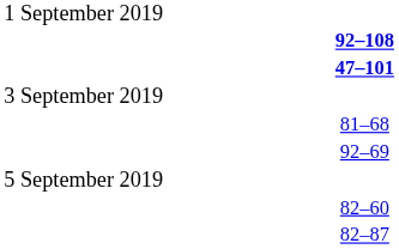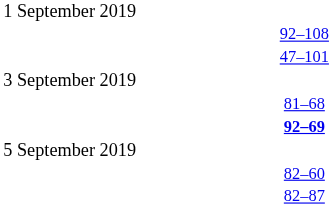 <table style="width:100%;" cellspacing="1">
 <tr>
 <th width=25%></th>
 <th width=2%></th>
 <th width=6%></th>
 <th width=2%></th>
 <th width=25%></th>
 </tr>
 <tr>
 <td>1 September 2019</td>
 </tr>
 <tr style=font-size:90%>
 <td align=right></td>
 <td></td>
-<td align=center><strong><a href='#'>92–108</a></strong></td>
+<td align=center><a href='#'>92–108</a></td>
 <td></td>
 <td></td>
 <td></td>
 </tr>
 <tr style=font-size:90%>
 <td align=right></td>
 <td></td>
-<td align=center><strong><a href='#'>47–101</a></strong></td>
+<td align=center><a href='#'>47–101</a></td>
 <td></td>
 <td></td>
 <td></td>
 </tr>
 <tr>
 <td>3 September 2019</td>
 </tr>
 <tr style=font-size:90%>
 <td align=right></td>
 <td></td>
 <td align=center><a href='#'>81–68</a></td>
 <td></td>
 <td></td>
 <td></td>
 </tr>
 <tr style=font-size:90%>
 <td align=right></td>
 <td></td>
-<td align=center><a href='#'>92–69</a></td>
+<td align=center><strong><a href='#'>92–69</a></strong></td>
 <td></td>
 <td></td>
 <td></td>
 </tr>
 <tr>
 <td>5 September 2019</td>
 </tr>
 <tr style=font-size:90%>
 <td align=right></td>
 <td></td>
 <td align=center><a href='#'>82–60</a></td>
 <td></td>
 <td></td>
 <td></td>
 </tr>
 <tr style=font-size:90%>
 <td align=right></td>
 <td></td>
 <td align=center><a href='#'>82–87</a></td>
 <td></td>
 <td></td>
 <td></td>
 </tr>
 </table>
